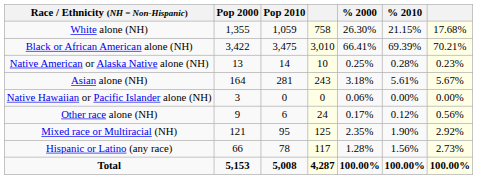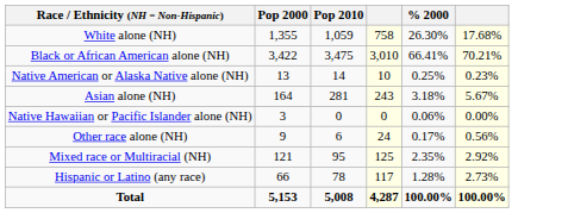 <table class="wikitable" style="text-align:center;">
 <tr>
 <th>Race / Ethnicity <small>(<em>NH = Non-Hispanic</em>)</small></th>
 <th>Pop 2000</th>
 <th>Pop 2010</th>
 <th></th>
 <th>% 2000</th>
-<th>% 2010</th>
 <th></th>
 </tr>
 <tr>
 <td><a href='#'>White</a> alone (NH)</td>
 <td>1,355</td>
 <td>1,059</td>
 <td style='background: #ffffe6;'>758</td>
 <td>26.30%</td>
-<td>21.15%</td>
 <td style='background: #ffffe6;'>17.68%</td>
 </tr>
 <tr>
 <td><a href='#'>Black or African American</a> alone (NH)</td>
 <td>3,422</td>
 <td>3,475</td>
 <td style='background: #ffffe6;'>3,010</td>
 <td>66.41%</td>
-<td>69.39%</td>
 <td style='background: #ffffe6;'>70.21%</td>
 </tr>
 <tr>
 <td><a href='#'>Native American</a> or <a href='#'>Alaska Native</a> alone (NH)</td>
 <td>13</td>
 <td>14</td>
 <td style='background: #ffffe6;'>10</td>
 <td>0.25%</td>
-<td>0.28%</td>
 <td style='background: #ffffe6;'>0.23%</td>
 </tr>
 <tr>
 <td><a href='#'>Asian</a> alone (NH)</td>
 <td>164</td>
 <td>281</td>
 <td style='background: #ffffe6;'>243</td>
 <td>3.18%</td>
-<td>5.61%</td>
 <td style='background: #ffffe6;'>5.67%</td>
 </tr>
 <tr>
 <td><a href='#'>Native Hawaiian</a> or <a href='#'>Pacific Islander</a> alone (NH)</td>
 <td>3</td>
 <td>0</td>
 <td style='background: #ffffe6;'>0</td>
 <td>0.06%</td>
-<td>0.00%</td>
 <td style='background: #ffffe6;'>0.00%</td>
 </tr>
 <tr>
 <td><a href='#'>Other race</a> alone (NH)</td>
 <td>9</td>
 <td>6</td>
 <td style='background: #ffffe6;'>24</td>
 <td>0.17%</td>
-<td>0.12%</td>
 <td style='background: #ffffe6;'>0.56%</td>
 </tr>
 <tr>
 <td><a href='#'>Mixed race or Multiracial</a> (NH)</td>
 <td>121</td>
 <td>95</td>
 <td style='background: #ffffe6;'>125</td>
 <td>2.35%</td>
-<td>1.90%</td>
 <td style='background: #ffffe6;'>2.92%</td>
 </tr>
 <tr>
 <td><a href='#'>Hispanic or Latino</a> (any race)</td>
 <td>66</td>
 <td>78</td>
 <td style='background: #ffffe6;'>117</td>
 <td>1.28%</td>
-<td>1.56%</td>
 <td style='background: #ffffe6;'>2.73%</td>
 </tr>
 <tr>
 <td><strong>Total</strong></td>
 <td><strong>5,153</strong></td>
 <td><strong>5,008</strong></td>
 <td style='background: #ffffe6;'><strong>4,287</strong></td>
 <td><strong>100.00%</strong></td>
-<td><strong>100.00%</strong></td>
 <td style='background: #ffffe6;'><strong>100.00%</strong></td>
 </tr>
 </table>
